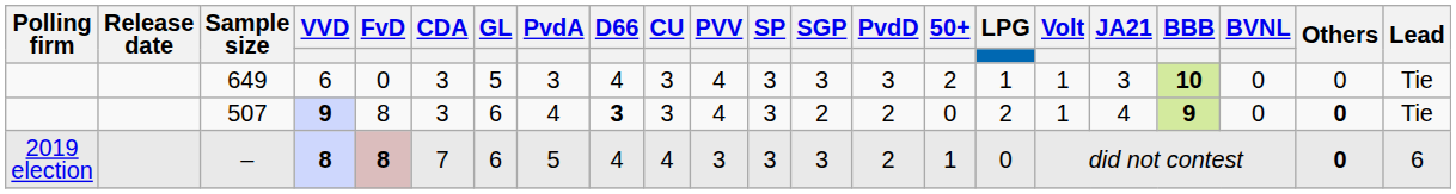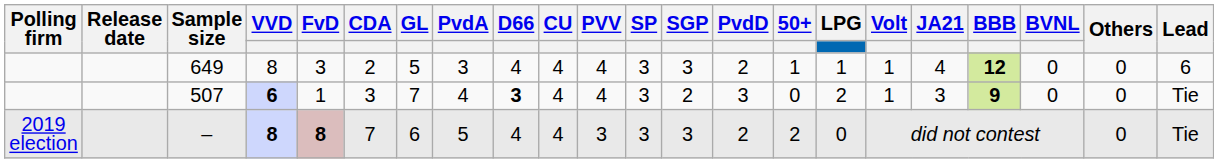 <table class="wikitable sortable tpl-blanktable" style="text-align:center;font-size:90%;line-height:14px;">
 <tr>
 <th rowspan="2">Polling firm</th>
 <th rowspan="2">Release<br>date</th>
 <th rowspan="2">Sample<br>size</th>
 <th class="unsortable" style="width:30px;"><a href='#'>VVD</a></th>
 <th class="unsortable" style="width:30px;"><a href='#'>FvD</a></th>
 <th class="unsortable" style="width:30px;"><a href='#'>CDA</a></th>
 <th class="unsortable" style="width:30px;"><a href='#'>GL</a></th>
 <th class="unsortable" style="width:30px;"><a href='#'>PvdA</a></th>
 <th class="unsortable" style="width:30px;"><a href='#'>D66</a></th>
 <th class="unsortable" style="width:30px;"><a href='#'>CU</a></th>
 <th class="unsortable" style="width:30px;"><a href='#'>PVV</a></th>
 <th class="unsortable" style="width:30px;"><a href='#'>SP</a></th>
 <th class="unsortable" style="width:30px;"><a href='#'>SGP</a></th>
 <th class="unsortable" style="width:30px;"><a href='#'>PvdD</a></th>
 <th class="unsortable" style="width:30px;"><a href='#'>50+</a></th>
 <th class="unsortable" style="width:30px;">LPG </th>
 <th class="unsortable" style="width:30px;"><a href='#'>Volt</a></th>
 <th class="unsortable" style="width:30px;"><a href='#'>JA21</a></th>
 <th class="unsortable" style="width:30px;"><a href='#'>BBB</a></th>
 <th class="unsortable" style="width:30px;"><a href='#'>BVNL</a></th>
 <th class="unsortable" style="width:30px;" rowspan="2">Others</th>
 <th rowspan="2">Lead</th>
 </tr>
 <tr>
 <th data-sort-type="number" style="background:"></th>
 <th data-sort-type="number" style="background:"></th>
 <th data-sort-type="number" style="background:"></th>
 <th data-sort-type="number" style="background:"></th>
 <th data-sort-type="number" style="background:"></th>
 <th data-sort-type="number" style="background:"></th>
 <th data-sort-type="number" style="background:"></th>
 <th data-sort-type="number" style="background:"></th>
 <th data-sort-type="number" style="background:"></th>
 <th data-sort-type="number" style="background:"></th>
 <th data-sort-type="number" style="background:"></th>
 <th data-sort-type="number" style="background:"></th>
 <th data-sort-type="number" style="background:#0068B2;"></th>
 <th data-sort-type="number" style="background:"></th>
 <th data-sort-type="number" style="background:"></th>
 <th data-sort-type="number" style="background:"></th>
 <th data-sort-type="number" style="background:"></th>
 </tr>
 <tr>
 <td></td>
 <td></td>
 <td>649</td>
-<td>6</td>
-<td>0</td>
+<td>8</td>
 <td>3</td>
+<td>2</td>
 <td>5</td>
 <td>3</td>
 <td>4</td>
-<td>3</td>
 <td>4</td>
-<td>3</td>
+<td>4</td>
 <td>3</td>
 <td>3</td>
 <td>2</td>
 <td>1</td>
 <td>1</td>
-<td>3</td>
-<td style="background:#d3ea9e;"><strong>10</strong></td>
+<td>1</td>
+<td>4</td>
+<td style="background:#d3ea9e;"><strong>12</strong></td>
 <td>0</td>
 <td>0</td>
-<td>Tie</td>
+<td style="background:">6</td>
 </tr>
 <tr>
 <td></td>
 <td></td>
 <td>507</td>
-<td style="background:#CED7FD;"><strong>9</strong></td>
-<td>8</td>
+<td style="background:#CED7FD;"><strong>6</strong></td>
+<td>1</td>
 <td>3</td>
-<td>6</td>
+<td>7</td>
 <td>4</td>
 <td><strong>3</strong></td>
-<td>3</td>
+<td>4</td>
 <td>4</td>
 <td>3</td>
 <td>2</td>
-<td>2</td>
+<td>3</td>
 <td>0</td>
 <td>2</td>
 <td>1</td>
-<td>4</td>
+<td>3</td>
 <td style="background:#d3ea9e;"><strong>9</strong></td>
 <td>0</td>
-<td><strong>0</strong></td>
+<td>0</td>
 <td>Tie</td>
 </tr>
 <tr style="background:#E9E9E9;">
 <td><a href='#'>2019 election</a></td>
 <td></td>
 <td>–</td>
 <td style="background:#CED7FD;"><strong>8</strong></td>
 <td style="background:#DBBDBD;"><strong>8</strong></td>
 <td>7</td>
 <td>6</td>
 <td>5</td>
 <td>4</td>
 <td>4</td>
 <td>3</td>
 <td>3</td>
 <td>3</td>
 <td>2</td>
-<td>1</td>
+<td>2</td>
 <td>0</td>
 <td colspan=4><em>did not contest</em></td>
-<td><strong>0</strong></td>
-<td style="background:">6</td>
+<td>0</td>
+<td>Tie</td>
 </tr>
 </table>
